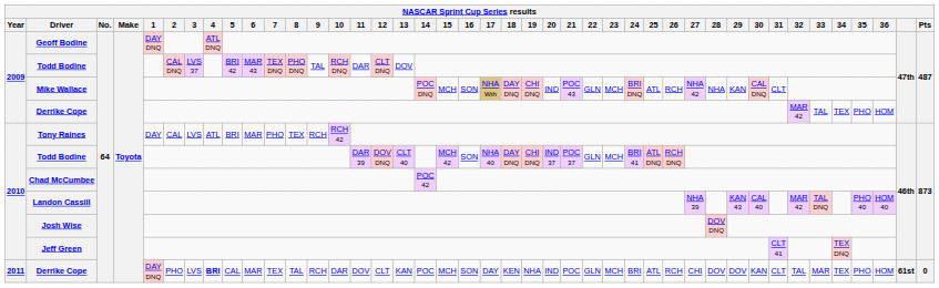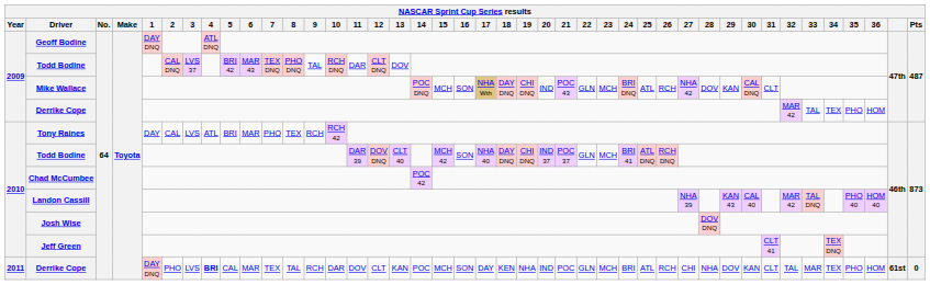 <table class="wikitable" style="text-align:center; font-size:75%">
 <tr>
 <th colspan=45><a href='#'>NASCAR Sprint Cup Series</a> results</th>
 </tr>
 <tr>
 <th>Year</th>
 <th>Driver</th>
 <th>No.</th>
 <th>Make</th>
 <th>1</th>
 <th>2</th>
 <th>3</th>
 <th>4</th>
 <th>5</th>
 <th>6</th>
 <th>7</th>
 <th>8</th>
 <th>9</th>
 <th>10</th>
 <th>11</th>
 <th>12</th>
 <th>13</th>
 <th>14</th>
 <th>15</th>
 <th>16</th>
 <th>17</th>
 <th>18</th>
 <th>19</th>
 <th>20</th>
 <th>21</th>
 <th>22</th>
 <th>23</th>
 <th>24</th>
 <th>25</th>
 <th>26</th>
 <th>27</th>
 <th>28</th>
 <th>29</th>
 <th>30</th>
 <th>31</th>
 <th>32</th>
 <th>33</th>
 <th>34</th>
 <th>35</th>
 <th>36</th>
 <th></th>
 <th>Pts</th>
 </tr>
 <tr>
 <th rowspan=4><a href='#'>2009</a></th>
 <th><a href='#'>Geoff Bodine</a></th>
 <th rowspan=11>64</th>
 <th rowspan=11><a href='#'>Toyota</a></th>
 <td style="background:#FFCFCF;"><a href='#'>DAY</a><br><small>DNQ</small></td>
 <td colspan=2></td>
 <td style="background:#FFCFCF;"><a href='#'>ATL</a><br><small>DNQ</small></td>
 <td colspan=32></td>
 <th rowspan=4>47th</th>
 <th rowspan=4>487</th>
 </tr>
 <tr>
 <th><a href='#'>Todd Bodine</a></th>
 <td colspan=1></td>
 <td style="background:#FFCFCF;"><a href='#'>CAL</a><br><small>DNQ</small></td>
 <td style="background:#EFCFFF;"><a href='#'>LVS</a><br><small>37</small></td>
 <td colspan=1></td>
 <td style="background:#EFCFFF;"><a href='#'>BRI</a><br><small>42</small></td>
 <td style="background:#EFCFFF;"><a href='#'>MAR</a><br><small>43</small></td>
 <td style="background:#FFCFCF;"><a href='#'>TEX</a><br><small>DNQ</small></td>
 <td style="background:#FFCFCF;"><a href='#'>PHO</a><br><small>DNQ</small></td>
 <td><a href='#'>TAL</a></td>
 <td style="background:#FFCFCF;"><a href='#'>RCH</a><br><small>DNQ</small></td>
 <td><a href='#'>DAR</a></td>
 <td style="background:#FFCFCF;"><a href='#'>CLT</a><br><small>DNQ</small></td>
 <td><a href='#'>DOV</a></td>
 <td colspan=23></td>
 </tr>
 <tr>
 <th><a href='#'>Mike Wallace</a></th>
 <td colspan=13></td>
 <td style="background:#FFCFCF;"><a href='#'>POC</a><br><small>DNQ</small></td>
 <td><a href='#'>MCH</a></td>
 <td><a href='#'>SON</a></td>
 <td style="background:#DFC484;"><a href='#'>NHA</a><br><small>Wth</small></td>
 <td style="background:#FFCFCF;"><a href='#'>DAY</a><br><small>DNQ</small></td>
 <td style="background:#FFCFCF;"><a href='#'>CHI</a><br><small>DNQ</small></td>
 <td><a href='#'>IND</a></td>
 <td style="background:#EFCFFF;"><a href='#'>POC</a><br><small>43</small></td>
 <td><a href='#'>GLN</a></td>
 <td><a href='#'>MCH</a></td>
 <td style="background:#FFCFCF;"><a href='#'>BRI</a><br><small>DNQ</small></td>
 <td><a href='#'>ATL</a></td>
 <td><a href='#'>RCH</a></td>
 <td style="background:#EFCFFF;"><a href='#'>NHA</a><br><small>42</small></td>
-<td><a href='#'>NHA</a></td>
+<td><a href='#'>DOV</a></td>
 <td><a href='#'>KAN</a></td>
 <td style="background:#FFCFCF;"><a href='#'>CAL</a><br><small>DNQ</small></td>
 <td><a href='#'>CLT</a></td>
 <td colspan=5></td>
 </tr>
 <tr>
 <th><a href='#'>Derrike Cope</a></th>
 <td colspan=31></td>
 <td style="background:#EFCFFF;"><a href='#'>MAR</a><br><small>42</small></td>
 <td><a href='#'>TAL</a></td>
 <td><a href='#'>TEX</a></td>
 <td><a href='#'>PHO</a></td>
 <td><a href='#'>HOM</a></td>
 </tr>
 <tr>
 <th rowspan=6><a href='#'>2010</a></th>
 <th><a href='#'>Tony Raines</a></th>
 <td><a href='#'>DAY</a></td>
 <td><a href='#'>CAL</a></td>
 <td><a href='#'>LVS</a></td>
 <td><a href='#'>ATL</a></td>
 <td><a href='#'>BRI</a></td>
 <td><a href='#'>MAR</a></td>
 <td><a href='#'>PHO</a></td>
 <td><a href='#'>TEX</a></td>
 <td><a href='#'>RCH</a></td>
 <td style="background:#EFCFFF;"><a href='#'>RCH</a><br><small>42</small></td>
 <td colspan=26></td>
 <th rowspan=6>46th</th>
 <th rowspan=6>873</th>
 </tr>
 <tr>
 <th><a href='#'>Todd Bodine</a></th>
 <td colspan=10></td>
 <td style="background:#EFCFFF;"><a href='#'>DAR</a><br><small>39</small></td>
 <td style="background:#FFCFCF;"><a href='#'>DOV</a><br><small>DNQ</small></td>
 <td style="background:#EFCFFF;"><a href='#'>CLT</a><br><small>40</small></td>
 <td colspan=1></td>
 <td style="background:#EFCFFF;"><a href='#'>MCH</a><br><small>42</small></td>
 <td><a href='#'>SON</a></td>
 <td style="background:#EFCFFF;"><a href='#'>NHA</a><br><small>40</small></td>
 <td style="background:#FFCFCF;"><a href='#'>DAY</a><br><small>DNQ</small></td>
 <td style="background:#FFCFCF;"><a href='#'>CHI</a><br><small>DNQ</small></td>
 <td style="background:#EFCFFF;"><a href='#'>IND</a><br><small>37</small></td>
 <td style="background:#EFCFFF;"><a href='#'>POC</a><br><small>37</small></td>
 <td><a href='#'>GLN</a></td>
 <td><a href='#'>MCH</a></td>
 <td style="background:#EFCFFF;"><a href='#'>BRI</a><br><small>41</small></td>
 <td style="background:#FFCFCF;"><a href='#'>ATL</a><br><small>DNQ</small></td>
 <td style="background:#FFCFCF;"><a href='#'>RCH</a><br><small>DNQ</small></td>
 <td colspan=10></td>
 </tr>
 <tr>
 <th><a href='#'>Chad McCumbee</a></th>
 <td colspan=13></td>
 <td style="background:#EFCFFF;"><a href='#'>POC</a><br><small>42</small></td>
 <td colspan=22></td>
 </tr>
 <tr>
 <th><a href='#'>Landon Cassill</a></th>
 <td colspan=26></td>
 <td style="background:#EFCFFF;"><a href='#'>NHA</a><br><small>39</small></td>
 <td></td>
 <td style="background:#EFCFFF;"><a href='#'>KAN</a><br><small>43</small></td>
 <td style="background:#EFCFFF;"><a href='#'>CAL</a><br><small>40</small></td>
 <td></td>
 <td style="background:#EFCFFF;"><a href='#'>MAR</a><br><small>42</small></td>
 <td style="background:#FFCFCF;"><a href='#'>TAL</a><br><small>DNQ</small></td>
 <td></td>
 <td style="background:#EFCFFF;"><a href='#'>PHO</a><br><small>40</small></td>
 <td style="background:#EFCFFF;"><a href='#'>HOM</a><br><small>40</small></td>
 </tr>
 <tr>
 <th><a href='#'>Josh Wise</a></th>
 <td colspan=27></td>
 <td style="background:#FFCFCF;"><a href='#'>DOV</a><br><small>DNQ</small></td>
 <td colspan=8></td>
 </tr>
 <tr>
 <th><a href='#'>Jeff Green</a></th>
 <td colspan=30></td>
 <td style="background:#EFCFFF;"><a href='#'>CLT</a><br><small>41</small></td>
 <td colspan=2></td>
 <td style="background:#FFCFCF;"><a href='#'>TEX</a><br><small>DNQ</small></td>
 <td colspan=2></td>
 </tr>
 <tr>
 <th><a href='#'>2011</a></th>
 <th><a href='#'>Derrike Cope</a></th>
 <td style="background:#FFCFCF;"><a href='#'>DAY</a><br><small>DNQ</small></td>
 <td><a href='#'>PHO</a></td>
 <td><a href='#'>LVS</a></td>
 <td><strong><a href='#'>BRI</a></strong></td>
 <td><a href='#'>CAL</a></td>
 <td><a href='#'>MAR</a></td>
 <td><a href='#'>TEX</a></td>
 <td><a href='#'>TAL</a></td>
 <td><a href='#'>RCH</a></td>
 <td><a href='#'>DAR</a></td>
 <td><a href='#'>DOV</a></td>
 <td><a href='#'>CLT</a></td>
 <td><a href='#'>KAN</a></td>
 <td><a href='#'>POC</a></td>
 <td><a href='#'>MCH</a></td>
 <td><a href='#'>SON</a></td>
 <td><a href='#'>DAY</a></td>
 <td><a href='#'>KEN</a></td>
 <td><a href='#'>NHA</a></td>
 <td><a href='#'>IND</a></td>
 <td><a href='#'>POC</a></td>
 <td><a href='#'>GLN</a></td>
 <td><a href='#'>MCH</a></td>
 <td><a href='#'>BRI</a></td>
 <td><a href='#'>ATL</a></td>
 <td><a href='#'>RCH</a></td>
 <td><a href='#'>CHI</a></td>
-<td><a href='#'>DOV</a></td>
+<td><a href='#'>NHA</a></td>
 <td><a href='#'>DOV</a></td>
 <td><a href='#'>KAN</a></td>
 <td><a href='#'>CLT</a></td>
 <td><a href='#'>TAL</a></td>
 <td><a href='#'>MAR</a></td>
 <td><a href='#'>TEX</a></td>
 <td><a href='#'>PHO</a></td>
 <td><a href='#'>HOM</a></td>
 <th>61st</th>
 <th>0</th>
 </tr>
 </table>
